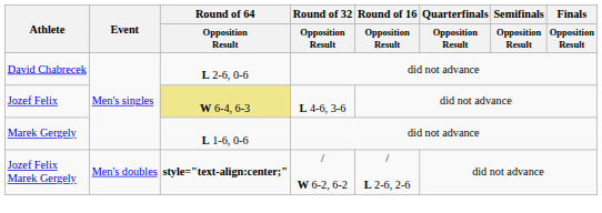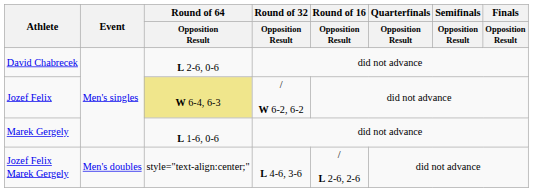 <table class=wikitable style="font-size:90%">
 <tr>
 <th rowspan="2">Athlete</th>
 <th rowspan="2">Event</th>
 <th>Round of 64</th>
 <th>Round of 32</th>
 <th>Round of 16</th>
 <th>Quarterfinals</th>
 <th>Semifinals</th>
 <th>Finals</th>
 </tr>
 <tr>
 <th style="line-height:1em"><small>Opposition<br>Result</small></th>
 <th style="line-height:1em"><small>Opposition<br>Result</small></th>
 <th style="line-height:1em"><small>Opposition<br>Result</small></th>
 <th style="line-height:1em"><small>Opposition<br>Result</small></th>
 <th style="line-height:1em"><small>Opposition<br>Result</small></th>
 <th style="line-height:1em"><small>Opposition<br>Result</small></th>
 </tr>
 <tr>
 <td><a href='#'>David Chabrecek</a></td>
 <td rowspan="3"><a href='#'>Men's singles</a></td>
 <td style="text-align:center;"><br><strong>L</strong> 2-6, 0-6</td>
 <td style="text-align:center;" colspan="5">did not advance</td>
 </tr>
 <tr>
 <td><a href='#'>Jozef Felix</a></td>
 <td style="background: khaki; text-align:center;"><br><strong>W</strong> 6-4, 6-3</td>
-<td style="text-align:center;"><br><strong>L</strong> 4-6, 3-6</td>
+<td style="text-align:center;"> /<br> <br><strong>W</strong> 6-2, 6-2</td>
 <td style="text-align:center;" colspan="4">did not advance</td>
 </tr>
 <tr>
 <td><a href='#'>Marek Gergely</a></td>
 <td style="text-align:center;"><br><strong>L</strong> 1-6, 0-6</td>
 <td style="text-align:center;" colspan="5">did not advance</td>
 </tr>
 <tr>
 <td><a href='#'>Jozef Felix</a><br> <a href='#'>Marek Gergely</a></td>
 <td><a href='#'>Men's doubles</a></td>
-<td><strong>style="text-align:center;" </strong></td>
-<td style="text-align:center;"> /<br> <br><strong>W</strong> 6-2, 6-2</td>
+<td>style="text-align:center;" </td>
+<td style="text-align:center;"><br><strong>L</strong> 4-6, 3-6</td>
 <td style="text-align:center;"> /<br> <br><strong>L</strong> 2-6, 2-6</td>
 <td style="text-align:center;" colspan="3">did not advance</td>
 </tr>
 </table>
